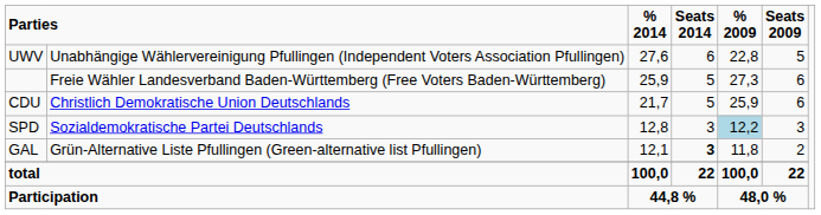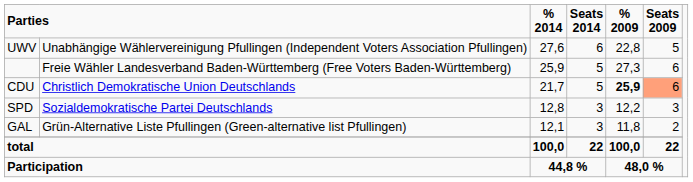 <table class="wikitable">
 <tr -- class="hintergrundfarbe5">
 <td colspan="2"><strong>Parties</strong></td>
 <td align="center"><strong>%<br>2014</strong></td>
 <td align="center"><strong>Seats<br>2014</strong></td>
 <td align="center"><strong>%<br>2009</strong></td>
 <td align="Center"><strong>Seats<br>2009</strong></td>
 <td rowspan="10"></td>
 </tr>
 <tr --->
 <td>UWV</td>
 <td>Unabhängige Wählervereinigung Pfullingen (Independent Voters Association Pfullingen)</td>
 <td align="right">27,6</td>
 <td align="right">6</td>
 <td align="right">22,8</td>
 <td align="right">5</td>
 </tr>
 <tr --->
 <td></td>
 <td>Freie Wähler Landesverband Baden-Württemberg (Free Voters Baden-Württemberg)</td>
 <td align="right">25,9</td>
 <td align="right">5</td>
 <td align="right">27,3</td>
 <td align="right">6</td>
 </tr>
 <tr --->
 <td>CDU</td>
 <td><a href='#'>Christlich Demokratische Union Deutschlands</a></td>
 <td align="right">21,7</td>
 <td align="right">5</td>
-<td align="right">25,9</td>
-<td align="right">6</td>
+<td align="right"><strong>25,9</strong></td>
+<td align="right" style="background: lightsalmon;">6</td>
 </tr>
 <tr --->
 <td>SPD</td>
 <td><a href='#'>Sozialdemokratische Partei Deutschlands</a></td>
 <td align="right">12,8</td>
 <td align="right">3</td>
-<td align="right" style="background: lightblue;">12,2</td>
+<td align="right">12,2</td>
 <td align="right">3</td>
 </tr>
 <tr --->
 <td>GAL</td>
 <td>Grün-Alternative Liste Pfullingen (Green-alternative list Pfullingen)</td>
 <td align="right">12,1</td>
-<td align="right"><strong>3</strong></td>
+<td align="right">3</td>
 <td align="right">11,8</td>
 <td align="right">2</td>
 </tr>
 <tr --->
 </tr>
 <tr --- class="hintergrundfarbe5">
 <td colspan="2"><strong>total</strong></td>
 <td align="right"><strong>100,0</strong></td>
 <td align="right"><strong>22</strong></td>
 <td align="right"><strong>100,0</strong></td>
 <td align="right"><strong>22</strong></td>
 </tr>
 <tr -- class="hintergrundfarbe5">
 <td colspan="2"><strong>Participation</strong></td>
 <td colspan="2" align="center"><strong>44,8 %</strong></td>
 <td colspan="2" align="center"><strong>48,0 %</strong></td>
 </tr>
 </table>
